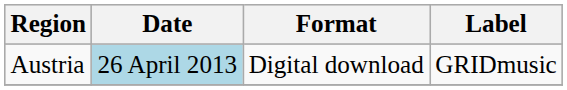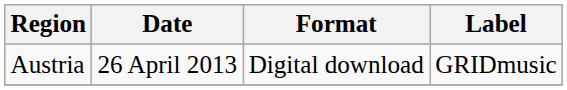 <table class=wikitable>
 <tr>
 <th>Region</th>
 <th>Date</th>
 <th>Format</th>
 <th>Label</th>
 </tr>
 <tr>
 <td>Austria</td>
-<td style="background: lightblue;">26 April 2013</td>
+<td>26 April 2013</td>
 <td>Digital download</td>
 <td>GRIDmusic</td>
 </tr>
 <tr>
 </tr>
 </table>
